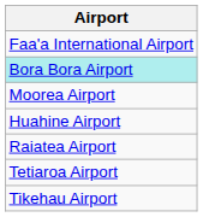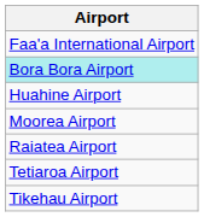 <table class="wikitable sortable">
 <tr>
 <th>Airport</th>
 </tr>
 <tr>
 <td><a href='#'>Faa'a International Airport</a></td>
 </tr>
 <tr>
 <td style="background: paleturquoise;"><a href='#'>Bora Bora Airport</a></td>
 </tr>
 <tr>
-<td><a href='#'>Moorea Airport</a></td>
+<td><a href='#'>Huahine Airport</a></td>
 </tr>
 <tr>
-<td><a href='#'>Huahine Airport</a></td>
+<td><a href='#'>Moorea Airport</a></td>
 </tr>
 <tr>
 <td><a href='#'>Raiatea Airport</a></td>
 </tr>
 <tr>
 <td><a href='#'>Tetiaroa Airport</a></td>
 </tr>
 <tr>
 <td><a href='#'>Tikehau Airport</a></td>
 </tr>
 </table>
